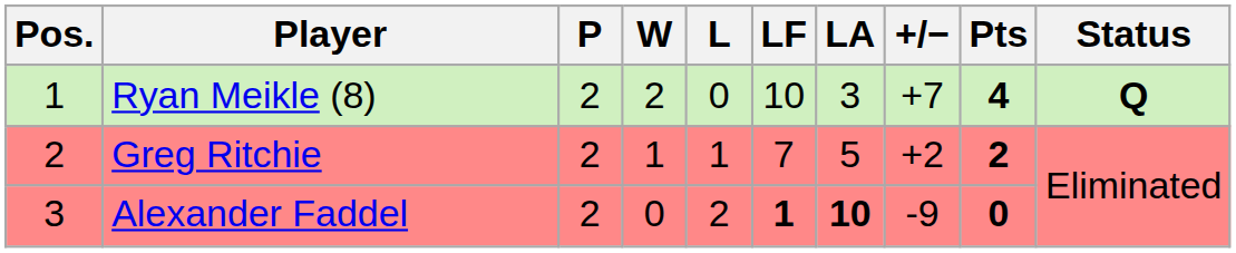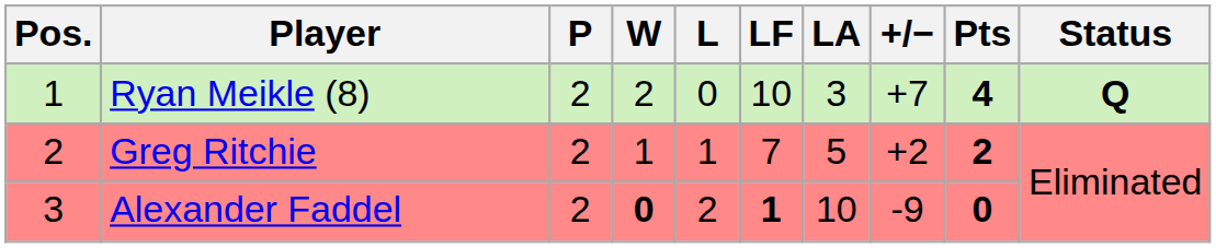 <table class="wikitable" style="text-align:center; margin: 1em auto 1em auto, align:left">
 <tr>
 <th width=20>Pos.</th>
 <th width=185>Player</th>
 <th width=20>P</th>
 <th width=20>W</th>
 <th width=20>L</th>
 <th width=20>LF</th>
 <th width=20>LA</th>
 <th width=25>+/−</th>
 <th width=20>Pts</th>
 <th width=70>Status</th>
 </tr>
 <tr style="background:#D0F0C0;">
 <td>1</td>
 <td align=left> <a href='#'>Ryan Meikle</a> (8)</td>
 <td>2</td>
 <td>2</td>
 <td>0</td>
 <td>10</td>
 <td>3</td>
 <td>+7</td>
 <td><strong>4</strong></td>
 <td rowspan=1><strong>Q</strong></td>
 </tr>
 <tr style="background:#FF8888;">
 <td>2</td>
 <td align=left> <a href='#'>Greg Ritchie</a></td>
 <td>2</td>
 <td>1</td>
 <td>1</td>
 <td>7</td>
 <td>5</td>
 <td>+2</td>
 <td><strong>2</strong></td>
 <td rowspan=2>Eliminated</td>
 </tr>
 <tr style="background:#FF8888;">
 <td>3</td>
 <td align=left> <a href='#'>Alexander Faddel</a></td>
 <td>2</td>
-<td>0</td>
+<td><strong>0</strong></td>
 <td>2</td>
 <td><strong>1</strong></td>
-<td><strong>10</strong></td>
+<td>10</td>
 <td>-9</td>
 <td><strong>0</strong></td>
 </tr>
 </table>
